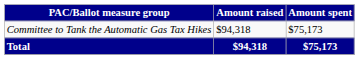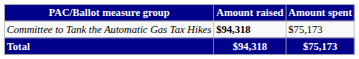 <table class="wikitable">
 <tr>
 <th valign="bottom" style="background-color:#00008B; color: white;">PAC/Ballot measure group</th>
 <th valign="bottom" style="background-color:#00008B; color: white;">Amount raised</th>
 <th valign="bottom" style="background-color:#00008B; color: white;">Amount spent</th>
 </tr>
 <tr>
 <td><em>Committee to Tank the Automatic Gas Tax Hikes</em></td>
-<td>$94,318</td>
+<td><strong>$94,318</strong></td>
 <td>$75,173</td>
 </tr>
 <tr>
 <td style="background-color:#00008B; color: white;"><strong>Total</strong></td>
 <td style="background-color:#00008B; color: white;" align="center"><strong> $94,318</strong></td>
 <td style="background-color:#00008B; color: white;" align="center"><strong> $75,173</strong></td>
 </tr>
 <tr>
 </tr>
 </table>
